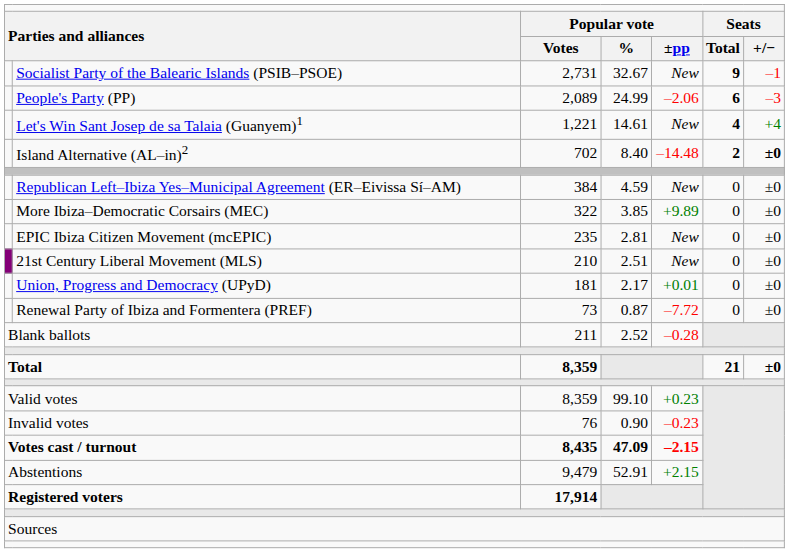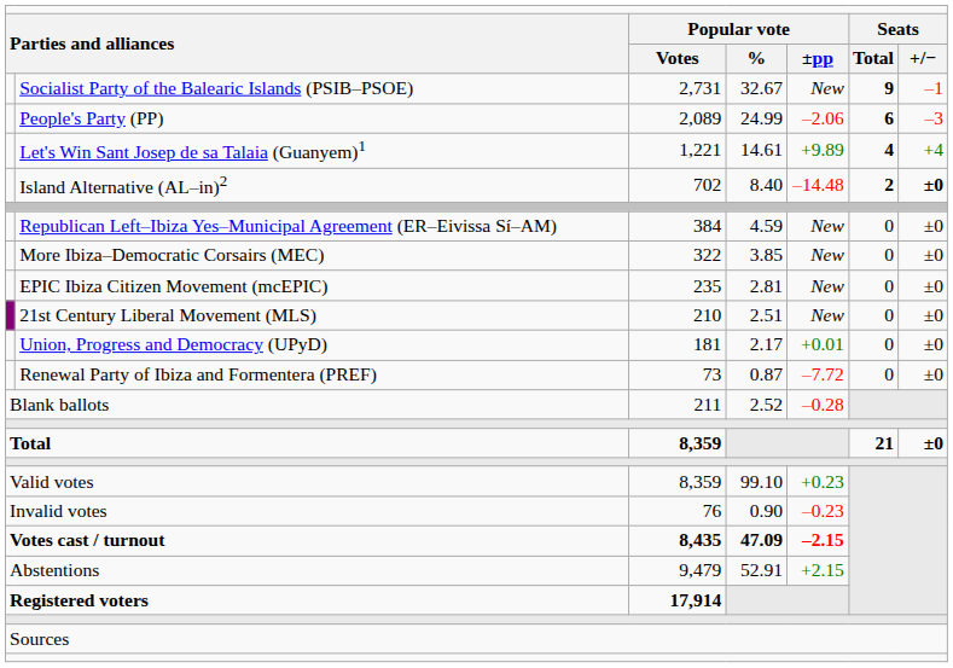 <table class="wikitable" style="text-align:right;">
 <tr>
 <td colspan="7"></td>
 </tr>
 <tr>
 <th style="text-align:left;" rowspan="2" colspan="2" width="525">Parties and alliances</th>
 <th colspan="3">Popular vote</th>
 <th colspan="2">Seats</th>
 </tr>
 <tr>
 <th width="75">Votes</th>
 <th width="45">%</th>
 <th width="45">±<a href='#'>pp</a></th>
 <th width="35">Total</th>
 <th width="35">+/−</th>
 </tr>
 <tr>
 <td width="1" style="color:inherit;background:"></td>
 <td align="left"><a href='#'>Socialist Party of the Balearic Islands</a> (PSIB–PSOE)</td>
 <td>2,731</td>
 <td>32.67</td>
 <td><em>New</em></td>
 <td><strong>9</strong></td>
 <td style="color:red;">–1</td>
 </tr>
 <tr>
 <td style="color:inherit;background:"></td>
 <td align="left"><a href='#'>People's Party</a> (PP)</td>
 <td>2,089</td>
 <td>24.99</td>
 <td style="color:red;">–2.06</td>
 <td><strong>6</strong></td>
 <td style="color:red;">–3</td>
 </tr>
 <tr>
 <td style="color:inherit;background:"></td>
 <td align="left"><a href='#'>Let's Win Sant Josep de sa Talaia</a> (Guanyem)<sup>1</sup></td>
 <td>1,221</td>
 <td>14.61</td>
-<td><em>New</em></td>
+<td style="color:green;">+9.89</td>
 <td><strong>4</strong></td>
 <td style="color:green;">+4</td>
 </tr>
 <tr>
 <td style="color:inherit;background:"></td>
 <td align="left">Island Alternative (AL–in)<sup>2</sup></td>
 <td>702</td>
 <td>8.40</td>
 <td style="color:red;">–14.48</td>
 <td><strong>2</strong></td>
 <td><strong>±0</strong></td>
 </tr>
 <tr>
 <td colspan="7" bgcolor="#C0C0C0"></td>
 </tr>
 <tr>
 <td style="color:inherit;background:"></td>
 <td align="left"><a href='#'>Republican Left–Ibiza Yes–Municipal Agreement</a> (ER–Eivissa Sí–AM)</td>
 <td>384</td>
 <td>4.59</td>
 <td><em>New</em></td>
 <td>0</td>
 <td>±0</td>
 </tr>
 <tr>
 <td style="color:inherit;background:"></td>
 <td align="left">More Ibiza–Democratic Corsairs (MEC)</td>
 <td>322</td>
 <td>3.85</td>
-<td style="color:green;">+9.89</td>
+<td><em>New</em></td>
 <td>0</td>
 <td>±0</td>
 </tr>
 <tr>
 <td style="color:inherit;background:"></td>
 <td align="left">EPIC Ibiza Citizen Movement (mcEPIC)</td>
 <td>235</td>
 <td>2.81</td>
 <td><em>New</em></td>
 <td>0</td>
 <td>±0</td>
 </tr>
 <tr>
 <td bgcolor="#840077"></td>
 <td align="left">21st Century Liberal Movement (MLS)</td>
 <td>210</td>
 <td>2.51</td>
 <td><em>New</em></td>
 <td>0</td>
 <td>±0</td>
 </tr>
 <tr>
 <td style="color:inherit;background:"></td>
 <td align="left"><a href='#'>Union, Progress and Democracy</a> (UPyD)</td>
 <td>181</td>
 <td>2.17</td>
 <td style="color:green;">+0.01</td>
 <td>0</td>
 <td>±0</td>
 </tr>
 <tr>
 <td style="color:inherit;background:"></td>
 <td align="left">Renewal Party of Ibiza and Formentera (PREF)</td>
 <td>73</td>
 <td>0.87</td>
 <td style="color:red;">–7.72</td>
 <td>0</td>
 <td>±0</td>
 </tr>
 <tr>
 <td align="left" colspan="2">Blank ballots</td>
 <td>211</td>
 <td>2.52</td>
 <td style="color:red;">–0.28</td>
 <td bgcolor="#E9E9E9" colspan="2"></td>
 </tr>
 <tr>
 <td colspan="7" bgcolor="#E9E9E9"></td>
 </tr>
 <tr style="font-weight:bold;">
 <td align="left" colspan="2">Total</td>
 <td>8,359</td>
 <td bgcolor="#E9E9E9" colspan="2"></td>
 <td>21</td>
 <td>±0</td>
 </tr>
 <tr>
 <td colspan="7" bgcolor="#E9E9E9"></td>
 </tr>
 <tr>
 <td align="left" colspan="2">Valid votes</td>
 <td>8,359</td>
 <td>99.10</td>
 <td style="color:green;">+0.23</td>
 <td bgcolor="#E9E9E9" colspan="2" rowspan="5"></td>
 </tr>
 <tr>
 <td align="left" colspan="2">Invalid votes</td>
 <td>76</td>
 <td>0.90</td>
 <td style="color:red;">–0.23</td>
 </tr>
 <tr style="font-weight:bold;">
 <td align="left" colspan="2">Votes cast / turnout</td>
 <td>8,435</td>
 <td>47.09</td>
 <td style="color:red;">–2.15</td>
 </tr>
 <tr>
 <td align="left" colspan="2">Abstentions</td>
 <td>9,479</td>
 <td>52.91</td>
 <td style="color:green;">+2.15</td>
 </tr>
 <tr style="font-weight:bold;">
 <td align="left" colspan="2">Registered voters</td>
 <td>17,914</td>
 <td bgcolor="#E9E9E9" colspan="2"></td>
 </tr>
 <tr>
 <td colspan="7" bgcolor="#E9E9E9"></td>
 </tr>
 <tr>
 <td align="left" colspan="7">Sources</td>
 </tr>
 <tr>
 <td colspan="7" style="text-align:left; max-width:790px;"></td>
 </tr>
 </table>
